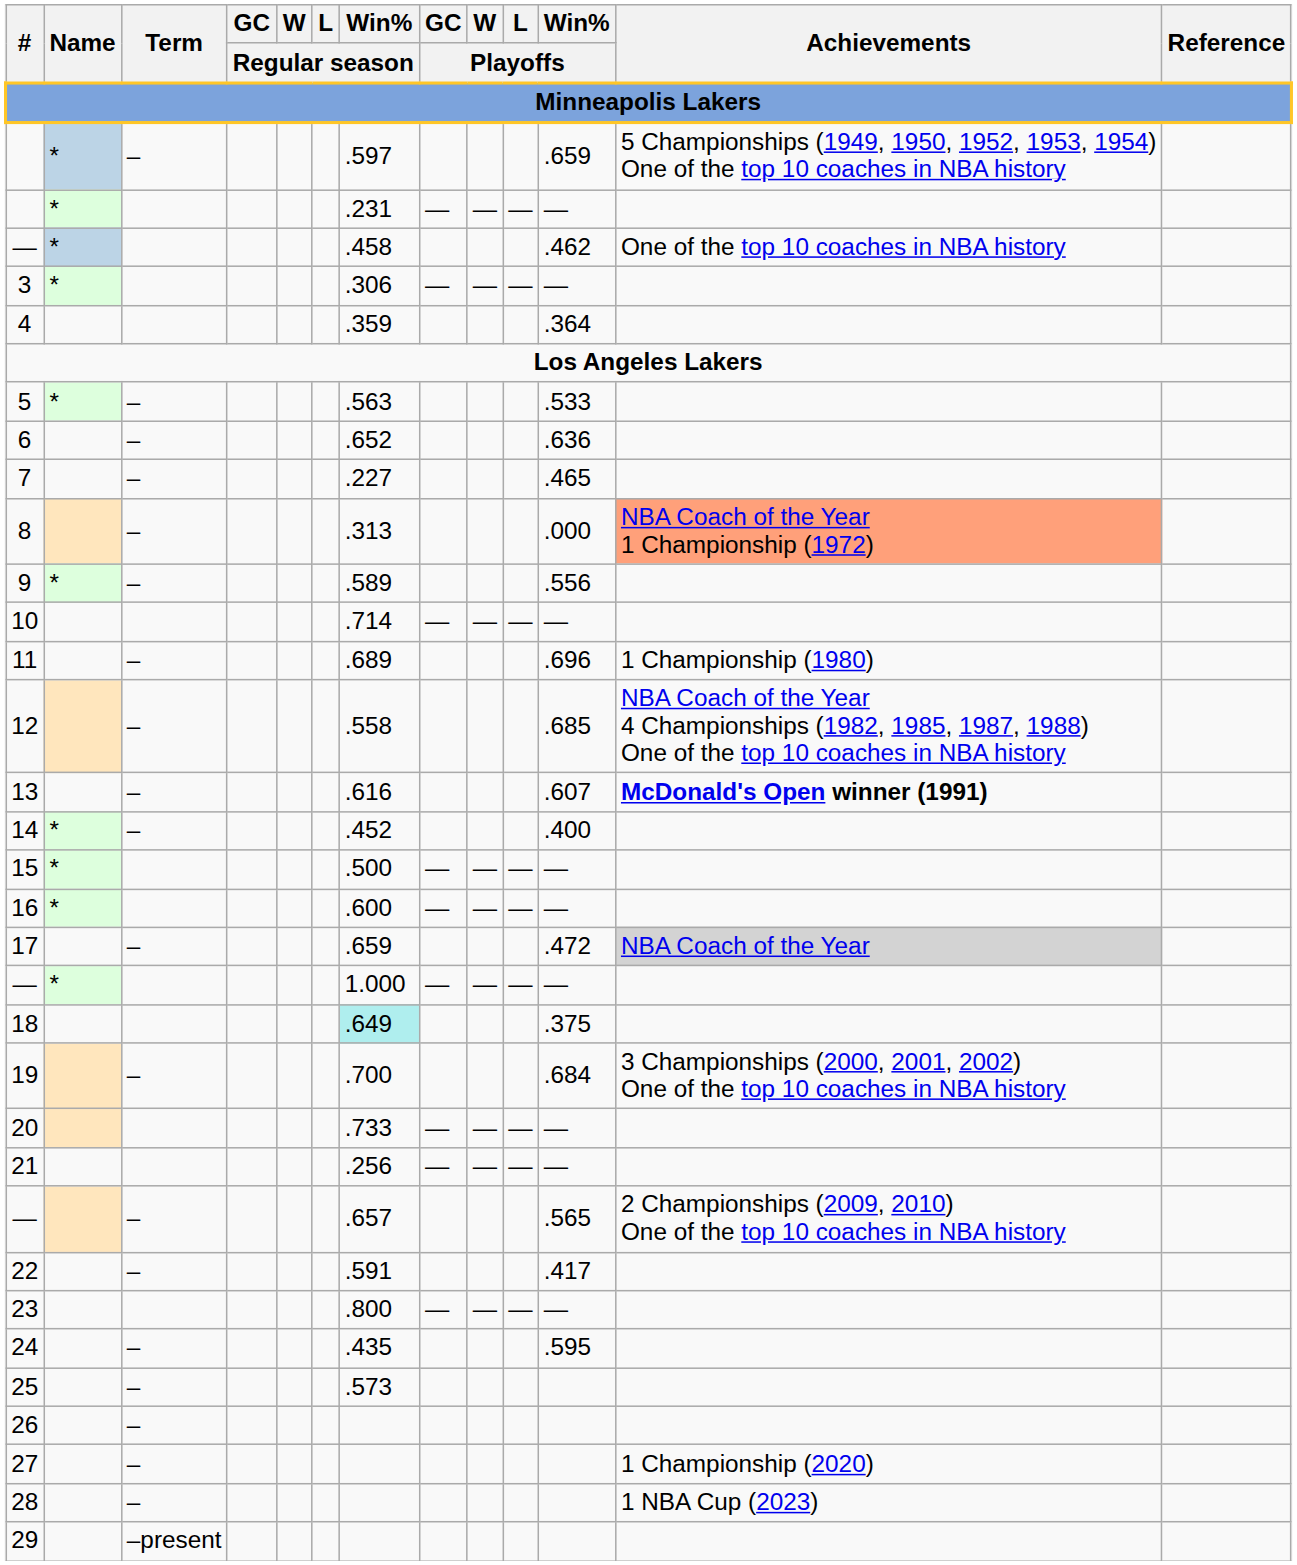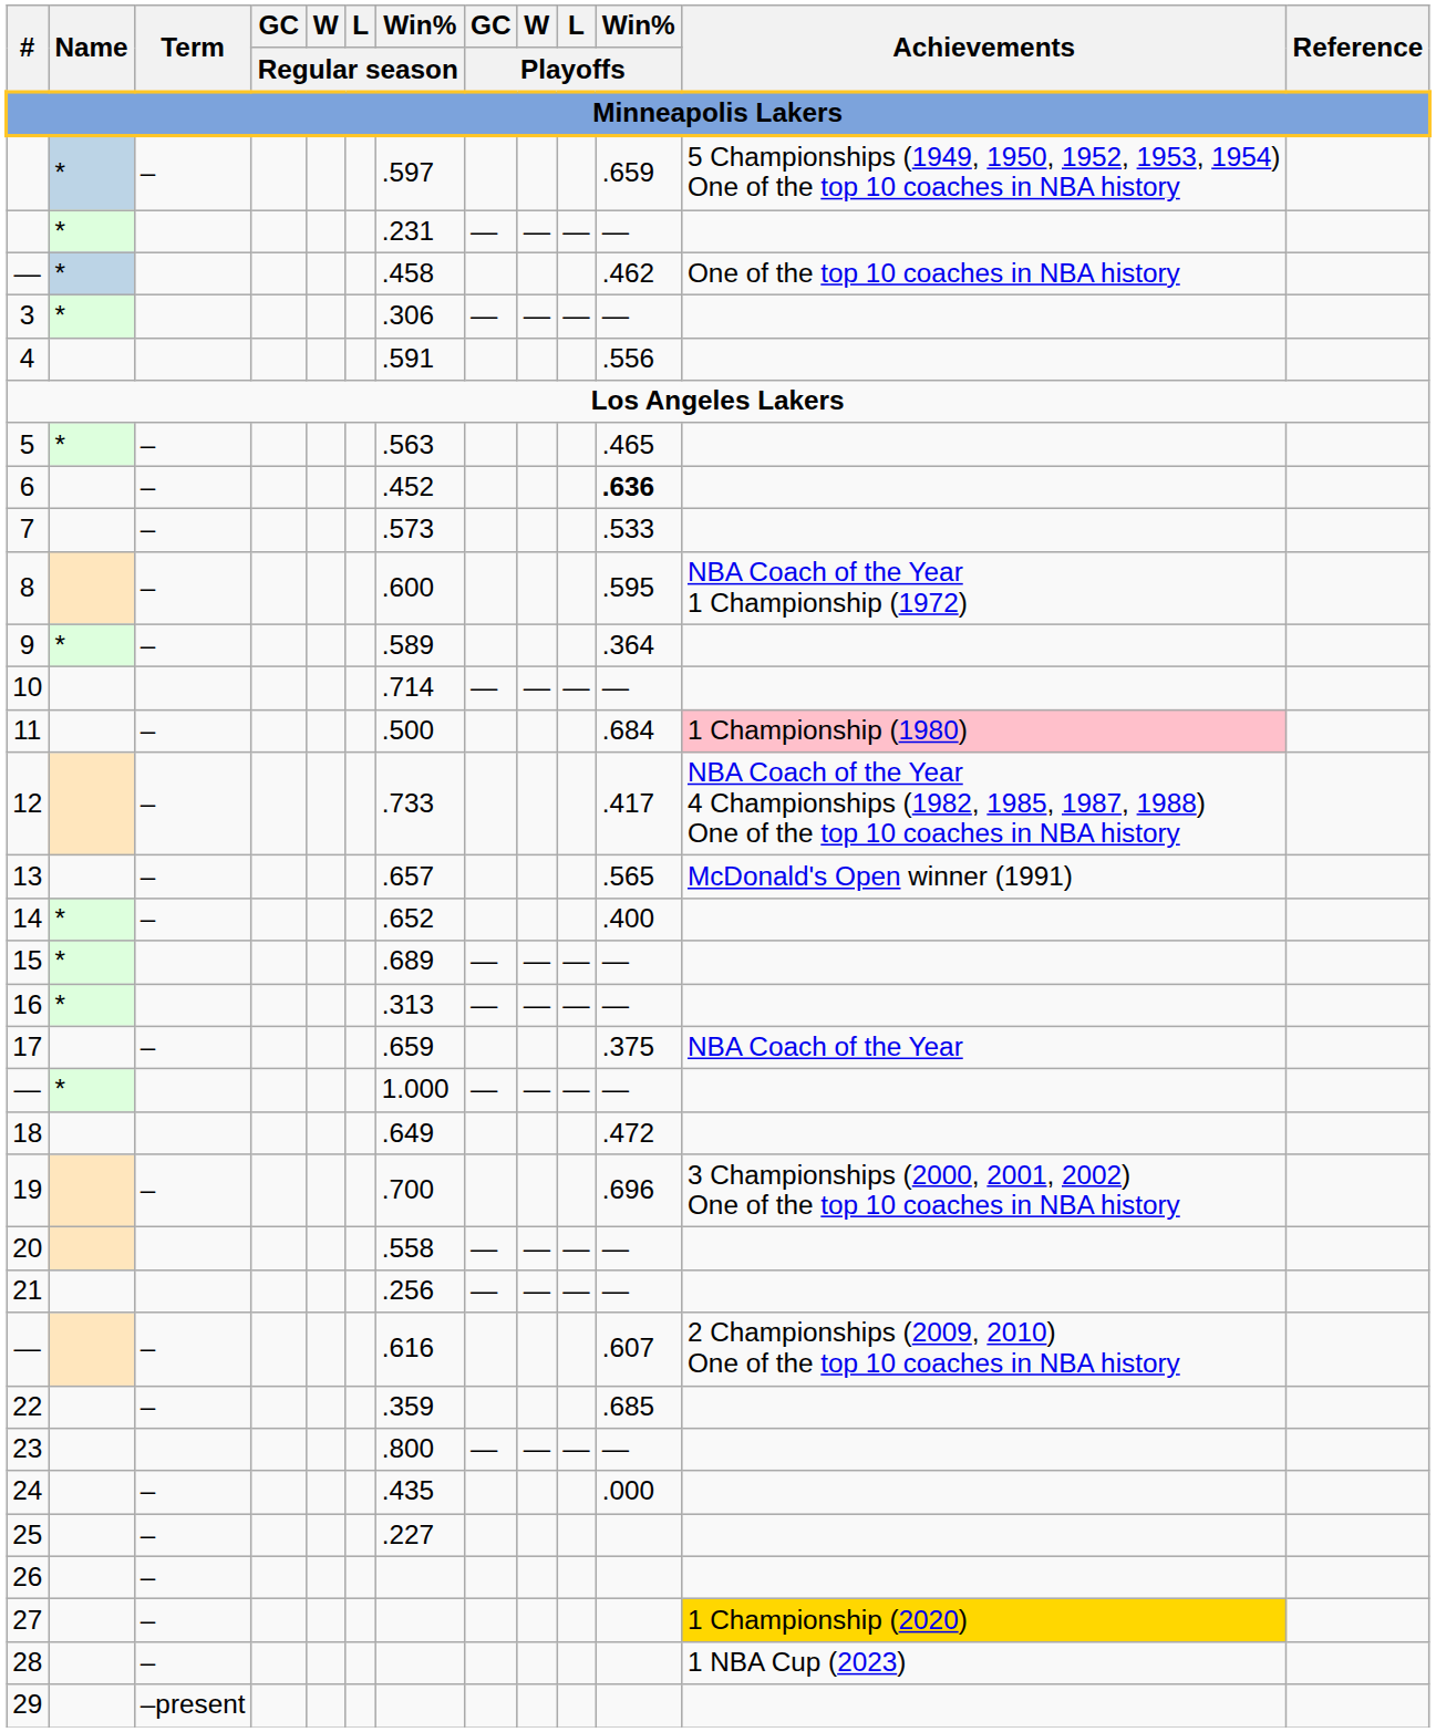 <table class="wikitable sortable">
 <tr>
 <th rowspan="2">#</th>
 <th rowspan="2">Name</th>
 <th rowspan="2">Term</th>
 <th>GC</th>
 <th>W</th>
 <th>L</th>
 <th>Win%</th>
 <th>GC</th>
 <th>W</th>
 <th>L</th>
 <th>Win%</th>
 <th rowspan="2" class=unsortable>Achievements</th>
 <th rowspan="2" class=unsortable>Reference</th>
 </tr>
 <tr class="unsortable">
 <th colspan="4">Regular season</th>
 <th colspan="4">Playoffs</th>
 </tr>
 <tr>
 <td colspan="13" align="center" style="border:2px solid #FFC627; background-color:#7CA3DC;"><span><strong>Minneapolis Lakers</strong></span></td>
 </tr>
 <tr>
 <td align=center></td>
 <td style="background-color:#BCD4E6">*</td>
 <td>–</td>
 <td></td>
 <td></td>
 <td></td>
 <td>.597</td>
 <td></td>
 <td></td>
 <td></td>
 <td>.659</td>
 <td>5 Championships (<a href='#'>1949</a>, <a href='#'>1950</a>, <a href='#'>1952</a>, <a href='#'>1953</a>, <a href='#'>1954</a>)<br>One of the <a href='#'>top 10 coaches in NBA history</a></td>
 <td align=center></td>
 </tr>
 <tr>
 <td align=center></td>
 <td style="background-color:#ddffdd">*</td>
 <td></td>
 <td></td>
 <td></td>
 <td></td>
 <td>.231</td>
 <td>—</td>
 <td>—</td>
 <td>—</td>
 <td>—</td>
 <td></td>
 <td align=center></td>
 </tr>
 <tr>
 <td align=center>—</td>
 <td style="background-color:#BCD4E6">*</td>
 <td></td>
 <td></td>
 <td></td>
 <td></td>
 <td>.458</td>
 <td></td>
 <td></td>
 <td></td>
 <td>.462</td>
 <td>One of the <a href='#'>top 10 coaches in NBA history</a></td>
 <td align=center></td>
 </tr>
 <tr>
 <td align=center>3</td>
 <td style="background-color:#ddffdd">*</td>
 <td></td>
 <td></td>
 <td></td>
 <td></td>
 <td>.306</td>
 <td>—</td>
 <td>—</td>
 <td>—</td>
 <td>—</td>
 <td></td>
 <td align=center></td>
 </tr>
 <tr>
 <td align=center>4</td>
 <td></td>
 <td></td>
 <td></td>
 <td></td>
 <td></td>
-<td>.359</td>
+<td>.591</td>
 <td></td>
 <td></td>
 <td></td>
-<td>.364</td>
+<td>.556</td>
 <td></td>
 <td align=center></td>
 </tr>
 <tr>
 <td colspan="13" align="center"><strong>Los Angeles Lakers</strong></td>
 </tr>
 <tr>
 <td align=center>5</td>
 <td style="background-color:#ddffdd">*</td>
 <td>–</td>
 <td></td>
 <td></td>
 <td></td>
 <td>.563</td>
 <td></td>
 <td></td>
 <td></td>
-<td>.533</td>
+<td>.465</td>
 <td></td>
 <td align=center></td>
 </tr>
 <tr>
 <td align=center>6</td>
 <td></td>
 <td>–</td>
 <td></td>
 <td></td>
 <td></td>
-<td>.652</td>
+<td>.452</td>
 <td></td>
 <td></td>
 <td></td>
-<td>.636</td>
+<td><strong>.636</strong></td>
 <td></td>
 <td align=center></td>
 </tr>
 <tr>
 <td align=center>7</td>
 <td></td>
 <td>–</td>
 <td></td>
 <td></td>
 <td></td>
-<td>.227</td>
+<td>.573</td>
 <td></td>
 <td></td>
 <td></td>
-<td>.465</td>
+<td>.533</td>
 <td></td>
 <td align=center></td>
 </tr>
 <tr>
 <td align=center>8</td>
 <td style="background-color:#FFE6BD"></td>
 <td>–</td>
 <td></td>
 <td></td>
 <td></td>
-<td>.313</td>
+<td>.600</td>
 <td></td>
 <td></td>
 <td></td>
-<td>.000</td>
-<td style="background: lightsalmon;"> <a href='#'>NBA Coach of the Year</a><br>1 Championship (<a href='#'>1972</a>)</td>
+<td>.595</td>
+<td> <a href='#'>NBA Coach of the Year</a><br>1 Championship (<a href='#'>1972</a>)</td>
 <td align=center></td>
 </tr>
 <tr>
 <td align=center>9</td>
 <td style="background-color:#ddffdd">*</td>
 <td>–</td>
 <td></td>
 <td></td>
 <td></td>
 <td>.589</td>
 <td></td>
 <td></td>
 <td></td>
-<td>.556</td>
+<td>.364</td>
 <td></td>
 <td align=center></td>
 </tr>
 <tr>
 <td align=center>10</td>
 <td></td>
 <td></td>
 <td></td>
 <td></td>
 <td></td>
 <td>.714</td>
 <td>—</td>
 <td>—</td>
 <td>—</td>
 <td>—</td>
 <td></td>
 <td align=center></td>
 </tr>
 <tr>
 <td align=center>11</td>
 <td></td>
 <td>–</td>
 <td></td>
 <td></td>
 <td></td>
-<td>.689</td>
+<td>.500</td>
 <td></td>
 <td></td>
 <td></td>
-<td>.696</td>
-<td>1 Championship (<a href='#'>1980</a>)</td>
+<td>.684</td>
+<td style="background: pink;">1 Championship (<a href='#'>1980</a>)</td>
 <td align=center></td>
 </tr>
 <tr>
 <td align=center>12</td>
 <td style="background-color:#FFE6BD"></td>
 <td>–</td>
 <td></td>
 <td></td>
 <td></td>
-<td>.558</td>
+<td>.733</td>
 <td></td>
 <td></td>
 <td></td>
-<td>.685</td>
+<td>.417</td>
 <td> <a href='#'>NBA Coach of the Year</a><br>4 Championships (<a href='#'>1982</a>, <a href='#'>1985</a>, <a href='#'>1987</a>, <a href='#'>1988</a>)<br>One of the <a href='#'>top 10 coaches in NBA history</a></td>
 <td align=center></td>
 </tr>
 <tr>
 <td align=center>13</td>
 <td></td>
 <td>–</td>
 <td></td>
 <td></td>
 <td></td>
-<td>.616</td>
+<td>.657</td>
 <td></td>
 <td></td>
 <td></td>
-<td>.607</td>
-<td><strong><a href='#'>McDonald's Open</a> winner (1991)</strong></td>
+<td>.565</td>
+<td><a href='#'>McDonald's Open</a> winner (1991)</td>
 <td align=center></td>
 </tr>
 <tr>
 <td align=center>14</td>
 <td style="background-color:#ddffdd">*</td>
 <td>–</td>
 <td></td>
 <td></td>
 <td></td>
-<td>.452</td>
+<td>.652</td>
 <td></td>
 <td></td>
 <td></td>
 <td>.400</td>
 <td></td>
 <td align=center></td>
 </tr>
 <tr>
 <td align=center>15</td>
 <td style="background-color:#ddffdd">*</td>
 <td></td>
 <td></td>
 <td></td>
 <td></td>
-<td>.500</td>
+<td>.689</td>
 <td>—</td>
 <td>—</td>
 <td>—</td>
 <td>—</td>
 <td></td>
 <td align=center></td>
 </tr>
 <tr>
 <td align=center>16</td>
 <td style="background-color:#ddffdd">*</td>
 <td></td>
 <td></td>
 <td></td>
 <td></td>
-<td>.600</td>
+<td>.313</td>
 <td>—</td>
 <td>—</td>
 <td>—</td>
 <td>—</td>
 <td></td>
 <td align=center></td>
 </tr>
 <tr>
 <td align=center>17</td>
 <td></td>
 <td>–</td>
 <td></td>
 <td></td>
 <td></td>
 <td>.659</td>
 <td></td>
 <td></td>
 <td></td>
-<td>.472</td>
-<td style="background: lightgrey;"> <a href='#'>NBA Coach of the Year</a></td>
+<td>.375</td>
+<td> <a href='#'>NBA Coach of the Year</a></td>
 <td align=center></td>
 </tr>
 <tr>
 <td align=center>—</td>
 <td style="background-color:#ddffdd">*</td>
 <td></td>
 <td></td>
 <td></td>
 <td></td>
 <td>1.000</td>
 <td>—</td>
 <td>—</td>
 <td>—</td>
 <td>—</td>
 <td></td>
 <td align=center></td>
 </tr>
 <tr>
 <td align=center>18</td>
 <td></td>
 <td></td>
 <td></td>
 <td></td>
 <td></td>
-<td style="background: paleturquoise;">.649</td>
+<td>.649</td>
 <td></td>
 <td></td>
 <td></td>
-<td>.375</td>
+<td>.472</td>
 <td></td>
 <td align=center></td>
 </tr>
 <tr>
 <td align=center>19</td>
 <td style="background-color:#FFE6BD"></td>
 <td>–</td>
 <td></td>
 <td></td>
 <td></td>
 <td>.700</td>
 <td></td>
 <td></td>
 <td></td>
-<td>.684</td>
+<td>.696</td>
 <td>3 Championships (<a href='#'>2000</a>, <a href='#'>2001</a>, <a href='#'>2002</a>)<br>One of the <a href='#'>top 10 coaches in NBA history</a></td>
 <td align=center></td>
 </tr>
 <tr>
 <td align=center>20</td>
 <td style="background-color:#FFE6BD"></td>
 <td></td>
 <td></td>
 <td></td>
 <td></td>
-<td>.733</td>
+<td>.558</td>
 <td>—</td>
 <td>—</td>
 <td>—</td>
 <td>—</td>
 <td></td>
 <td align=center></td>
 </tr>
 <tr>
 <td align=center>21</td>
 <td></td>
 <td></td>
 <td></td>
 <td></td>
 <td></td>
 <td>.256</td>
 <td>—</td>
 <td>—</td>
 <td>—</td>
 <td>—</td>
 <td></td>
 <td align=center></td>
 </tr>
 <tr>
 <td align=center>—</td>
 <td style="background-color:#FFE6BD"></td>
 <td>–</td>
 <td></td>
 <td></td>
 <td></td>
-<td>.657</td>
+<td>.616</td>
 <td></td>
 <td></td>
 <td></td>
-<td>.565</td>
+<td>.607</td>
 <td>2 Championships (<a href='#'>2009</a>, <a href='#'>2010</a>)<br>One of the <a href='#'>top 10 coaches in NBA history</a></td>
 <td align=center></td>
 </tr>
 <tr>
 <td align=center>22</td>
 <td></td>
 <td>–</td>
 <td></td>
 <td></td>
 <td></td>
-<td>.591</td>
+<td>.359</td>
 <td></td>
 <td></td>
 <td></td>
-<td>.417</td>
+<td>.685</td>
 <td></td>
 <td align=center></td>
 </tr>
 <tr>
 <td align=center>23</td>
 <td></td>
 <td></td>
 <td></td>
 <td></td>
 <td></td>
 <td>.800</td>
 <td>—</td>
 <td>—</td>
 <td>—</td>
 <td>—</td>
 <td></td>
 <td align=center></td>
 </tr>
 <tr>
 <td align=center>24</td>
 <td></td>
 <td>–</td>
 <td></td>
 <td></td>
 <td></td>
 <td>.435</td>
 <td></td>
 <td></td>
 <td></td>
-<td>.595</td>
+<td>.000</td>
 <td></td>
 <td align=center></td>
 </tr>
 <tr>
 <td align=center>25</td>
 <td></td>
 <td>–</td>
 <td></td>
 <td></td>
 <td></td>
-<td>.573</td>
+<td>.227</td>
 <td></td>
 <td></td>
 <td></td>
 <td></td>
 <td></td>
 <td align=center></td>
 </tr>
 <tr>
 <td align=center>26</td>
 <td></td>
 <td>–</td>
 <td></td>
 <td></td>
 <td></td>
 <td></td>
 <td></td>
 <td></td>
 <td></td>
 <td></td>
 <td></td>
 <td align=center></td>
 </tr>
 <tr>
 <td align=center>27</td>
 <td></td>
 <td>–</td>
 <td></td>
 <td></td>
 <td></td>
 <td></td>
 <td></td>
 <td></td>
 <td></td>
 <td></td>
-<td>1 Championship (<a href='#'>2020</a>)</td>
+<td style="background: gold;">1 Championship (<a href='#'>2020</a>)</td>
 <td align=center></td>
 </tr>
 <tr>
 <td align=center>28</td>
 <td style=""></td>
 <td>–</td>
 <td></td>
 <td></td>
 <td></td>
 <td></td>
 <td></td>
 <td></td>
 <td></td>
 <td></td>
 <td>1 NBA Cup (<a href='#'>2023</a>)</td>
 <td align=center></td>
 </tr>
 <tr>
 <td align=center>29</td>
 <td style=""></td>
 <td>–present</td>
 <td></td>
 <td></td>
 <td></td>
 <td></td>
 <td></td>
 <td></td>
 <td></td>
 <td></td>
 <td></td>
 <td align=center></td>
 </tr>
 </table>
